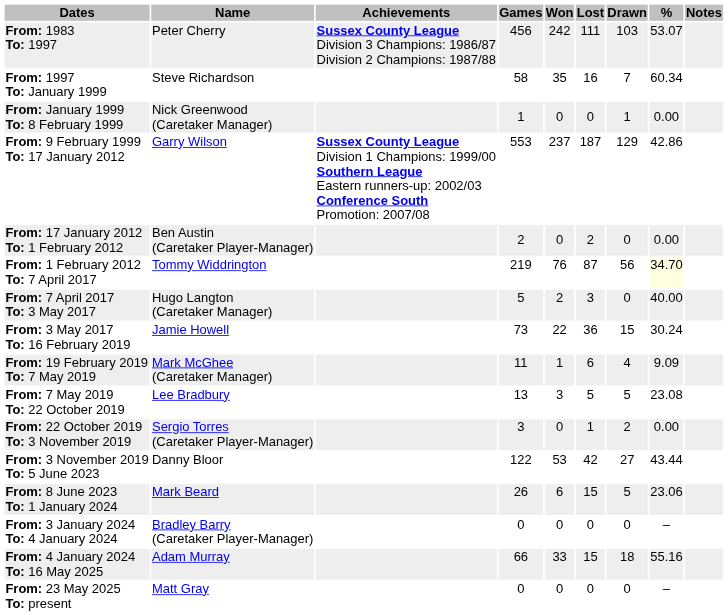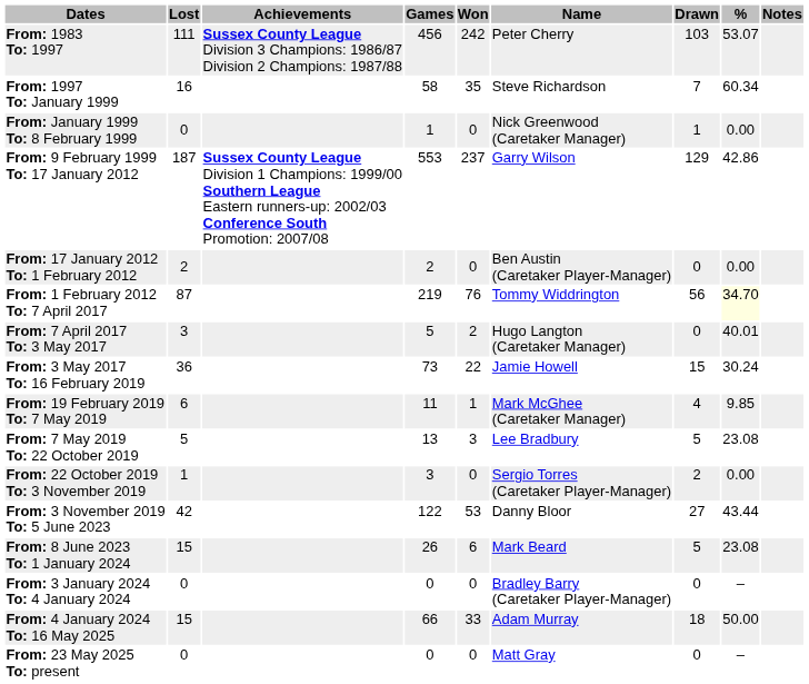 <table class="toccolours">
 <tr>
 <th bgcolor=silver>Dates</th>
-<th bgcolor=silver>Name</th>
+<th bgcolor=silver>Lost</th>
 <th bgcolor=silver>Achievements</th>
 <th bgcolor=silver>Games</th>
 <th bgcolor=silver>Won</th>
-<th bgcolor=silver>Lost</th>
+<th bgcolor=silver>Name</th>
 <th bgcolor=silver>Drawn</th>
 <th bgcolor=silver>%</th>
 <th bgcolor=silver>Notes</th>
 </tr>
 <tr bgcolor=#eeeeee valign="top">
 <td><strong>From:</strong> 1983<br> <strong>To:</strong> 1997</td>
-<td> Peter Cherry</td>
+<td align="center">111</td>
 <td><strong><a href='#'>Sussex County League</a></strong><br>Division 3 Champions: 1986/87<br>Division 2 Champions: 1987/88</td>
 <td align="center">456</td>
 <td align="center">242</td>
-<td align="center">111</td>
+<td> Peter Cherry</td>
 <td align="center">103</td>
 <td align="center">53.07</td>
 <td></td>
 </tr>
 <tr valign="top">
 <td><strong>From:</strong> 1997<br> <strong>To:</strong> January 1999</td>
-<td> Steve Richardson</td>
+<td align="center">16</td>
 <td></td>
 <td align="center">58</td>
 <td align="center">35</td>
-<td align="center">16</td>
+<td> Steve Richardson</td>
 <td align="center">7</td>
 <td align="center">60.34</td>
 <td></td>
 </tr>
 <tr bgcolor=#eeeeee valign=top,>
 <td><strong>From:</strong> January 1999<br> <strong>To:</strong> 8 February 1999</td>
-<td> Nick Greenwood<br>(Caretaker Manager)</td>
+<td align="center">0</td>
 <td></td>
 <td align="center">1</td>
 <td align="center">0</td>
-<td align="center">0</td>
+<td> Nick Greenwood<br>(Caretaker Manager)</td>
 <td align="center">1</td>
 <td align="center">0.00</td>
 <td></td>
 </tr>
 <tr valign="top">
 <td><strong>From:</strong> 9 February 1999<br> <strong>To:</strong> 17 January 2012</td>
-<td> <a href='#'>Garry Wilson</a></td>
+<td align="center">187</td>
 <td><strong><a href='#'>Sussex County League</a></strong><br>Division 1 Champions: 1999/00<br><strong><a href='#'>Southern League</a></strong><br>Eastern runners-up: 2002/03<br><strong><a href='#'>Conference South</a></strong><br>Promotion: 2007/08</td>
 <td align="center">553</td>
 <td align="center">237</td>
-<td align="center">187</td>
+<td> <a href='#'>Garry Wilson</a></td>
 <td align="center">129</td>
 <td align="center">42.86</td>
 <td><br><br> <br>  <br> </td>
 </tr>
 <tr bgcolor=#eeeeee valign=top,>
 <td><strong>From:</strong> 17 January 2012<br> <strong>To:</strong> 1 February 2012</td>
-<td> Ben Austin<br>(Caretaker Player-Manager)</td>
+<td align="center">2</td>
 <td></td>
 <td align="center">2</td>
 <td align="center">0</td>
-<td align="center">2</td>
+<td> Ben Austin<br>(Caretaker Player-Manager)</td>
 <td align="center">0</td>
 <td align="center">0.00</td>
 <td></td>
 </tr>
 <tr valign="top">
 <td><strong>From:</strong> 1 February 2012<br> <strong>To:</strong> 7 April 2017</td>
-<td> <a href='#'>Tommy Widdrington</a></td>
+<td align="center">87</td>
 <td></td>
 <td align="center">219</td>
 <td align="center">76</td>
-<td align="center">87</td>
+<td> <a href='#'>Tommy Widdrington</a></td>
 <td align="center">56</td>
 <td align="center" style="background: lightyellow;">34.70</td>
 <td><br></td>
 </tr>
 <tr bgcolor=#eeeeee valign="top">
 <td><strong>From:</strong> 7 April 2017<br> <strong>To:</strong> 3 May 2017</td>
-<td> Hugo Langton<br>(Caretaker Manager)</td>
+<td align="center">3</td>
 <td></td>
 <td align="center">5</td>
 <td align="center">2</td>
-<td align="center">3</td>
+<td> Hugo Langton<br>(Caretaker Manager)</td>
 <td align="center">0</td>
-<td align="center">40.00</td>
+<td align="center">40.01</td>
 <td></td>
 </tr>
 <tr valign="top">
 <td><strong>From:</strong> 3 May 2017<br> <strong>To:</strong> 16 February 2019</td>
-<td> <a href='#'>Jamie Howell</a></td>
+<td align="center">36</td>
 <td></td>
 <td align="center">73</td>
 <td align="center">22</td>
-<td align="center">36</td>
+<td> <a href='#'>Jamie Howell</a></td>
 <td align="center">15</td>
 <td align="center">30.24</td>
 <td></td>
 </tr>
 <tr bgcolor=#eeeeee valign="top">
 <td><strong>From:</strong> 19 February 2019<br> <strong>To:</strong> 7 May 2019</td>
-<td> <a href='#'>Mark McGhee</a><br>(Caretaker Manager)</td>
+<td align="center">6</td>
 <td></td>
 <td align="center">11</td>
 <td align="center">1</td>
-<td align="center">6</td>
+<td> <a href='#'>Mark McGhee</a><br>(Caretaker Manager)</td>
 <td align="center">4</td>
-<td align="center">9.09</td>
+<td align="center">9.85</td>
 <td></td>
 </tr>
 <tr valign="top">
 <td><strong>From:</strong> 7 May 2019<br> <strong>To:</strong> 22 October 2019</td>
-<td> <a href='#'>Lee Bradbury</a></td>
+<td align="center">5</td>
 <td></td>
 <td align="center">13</td>
 <td align="center">3</td>
-<td align="center">5</td>
+<td> <a href='#'>Lee Bradbury</a></td>
 <td align="center">5</td>
 <td align="center">23.08</td>
 <td></td>
 </tr>
 <tr bgcolor=#eeeeee valign="top">
 <td><strong>From:</strong> 22 October 2019<br> <strong>To:</strong> 3 November 2019</td>
-<td> <a href='#'>Sergio Torres</a><br>(Caretaker Player-Manager)</td>
+<td align="center">1</td>
 <td></td>
 <td align="center">3</td>
 <td align="center">0</td>
-<td align="center">1</td>
+<td> <a href='#'>Sergio Torres</a><br>(Caretaker Player-Manager)</td>
 <td align="center">2</td>
 <td align="center">0.00</td>
 <td></td>
 </tr>
 <tr valign="top">
 <td><strong>From:</strong> 3 November 2019<br> <strong>To:</strong> 5 June 2023</td>
-<td> Danny Bloor</td>
+<td align="center">42</td>
 <td></td>
 <td align="center">122</td>
 <td align="center">53</td>
-<td align="center">42</td>
+<td> Danny Bloor</td>
 <td align="center">27</td>
 <td align="center">43.44</td>
 <td></td>
 </tr>
 <tr bgcolor=#eeeeee valign="top">
 <td><strong>From:</strong> 8 June 2023<br> <strong>To:</strong> 1 January 2024</td>
-<td> <a href='#'>Mark Beard</a></td>
+<td align="center">15</td>
 <td></td>
 <td align="center">26</td>
 <td align="center">6</td>
-<td align="center">15</td>
+<td> <a href='#'>Mark Beard</a></td>
 <td align="center">5</td>
-<td align="center">23.06</td>
+<td align="center">23.08</td>
 <td></td>
 </tr>
 <tr valign="top">
 <td><strong>From:</strong> 3 January 2024<br> <strong>To:</strong> 4 January 2024</td>
-<td> <a href='#'>Bradley Barry</a><br>(Caretaker Player-Manager)</td>
+<td align="center">0</td>
 <td></td>
 <td align="center">0</td>
 <td align="center">0</td>
-<td align="center">0</td>
+<td> <a href='#'>Bradley Barry</a><br>(Caretaker Player-Manager)</td>
 <td align="center">0</td>
 <td align="center">–</td>
 <td></td>
 </tr>
 <tr bgcolor=#eeeeee valign="top">
 <td><strong>From:</strong> 4 January 2024<br> <strong>To:</strong> 16 May 2025</td>
-<td> <a href='#'>Adam Murray</a></td>
+<td align="center">15</td>
 <td></td>
 <td align="center">66</td>
 <td align="center">33</td>
-<td align="center">15</td>
+<td> <a href='#'>Adam Murray</a></td>
 <td align="center">18</td>
-<td align="center">55.16</td>
+<td align="center">50.00</td>
 <td></td>
 </tr>
 <tr valign="top">
 <td><strong>From:</strong> 23 May 2025<br> <strong>To:</strong> present</td>
-<td> <a href='#'>Matt Gray</a></td>
+<td align="center">0</td>
 <td></td>
 <td align="center">0</td>
 <td align="center">0</td>
-<td align="center">0</td>
+<td> <a href='#'>Matt Gray</a></td>
 <td align="center">0</td>
 <td align="center">–</td>
 <td></td>
 </tr>
 </table>
